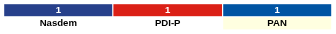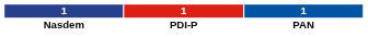 <table style="width:88%; text-align:center;">
 <tr style="color:white;">
 <td style="background:#27408B; width:33.3%;"><strong>1</strong></td>
 <td style="background:#DB2016; width:33.3%;"><strong>1</strong></td>
 <td style="background:#0054A3; width:33.3%;"><strong>1</strong></td>
 </tr>
 <tr>
 <td><span><strong>Nasdem</strong></span></td>
 <td><span><strong>PDI-P</strong></span></td>
-<td style="background: lightyellow;"><span><strong>PAN</strong></span></td>
+<td><span><strong>PAN</strong></span></td>
 </tr>
 </table>
